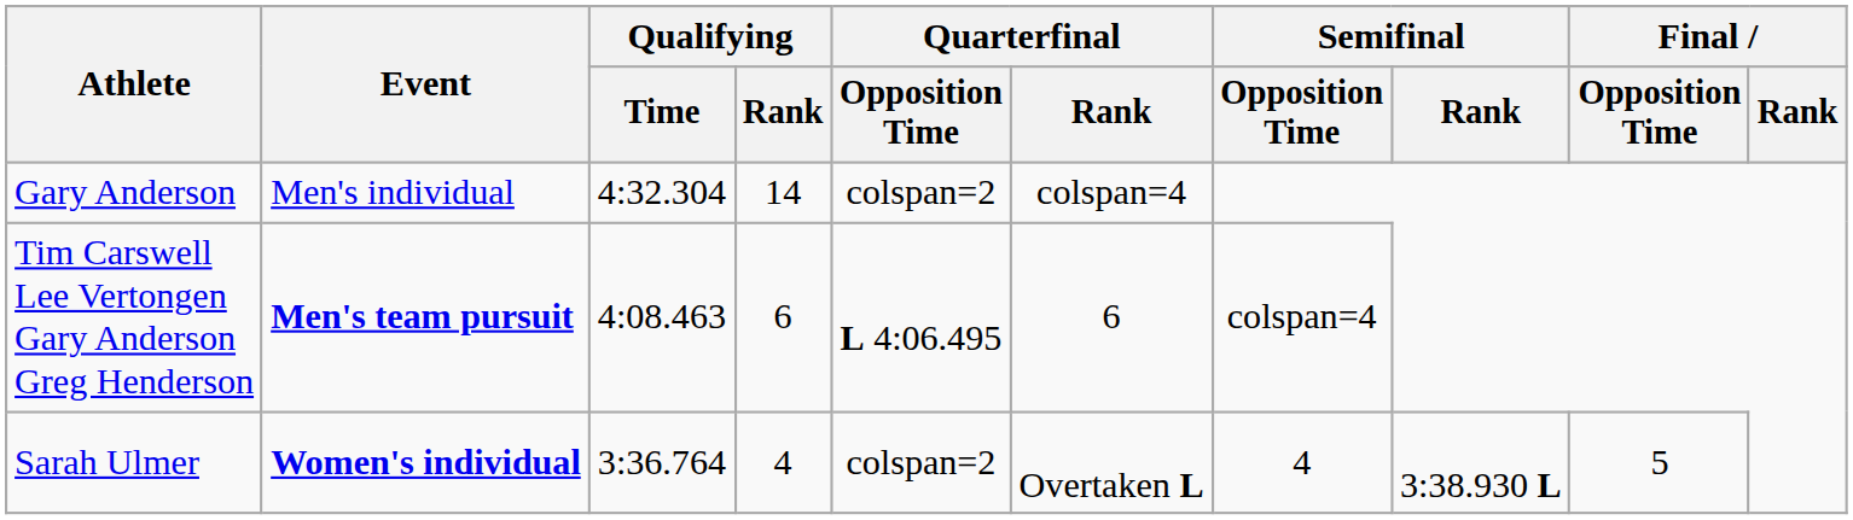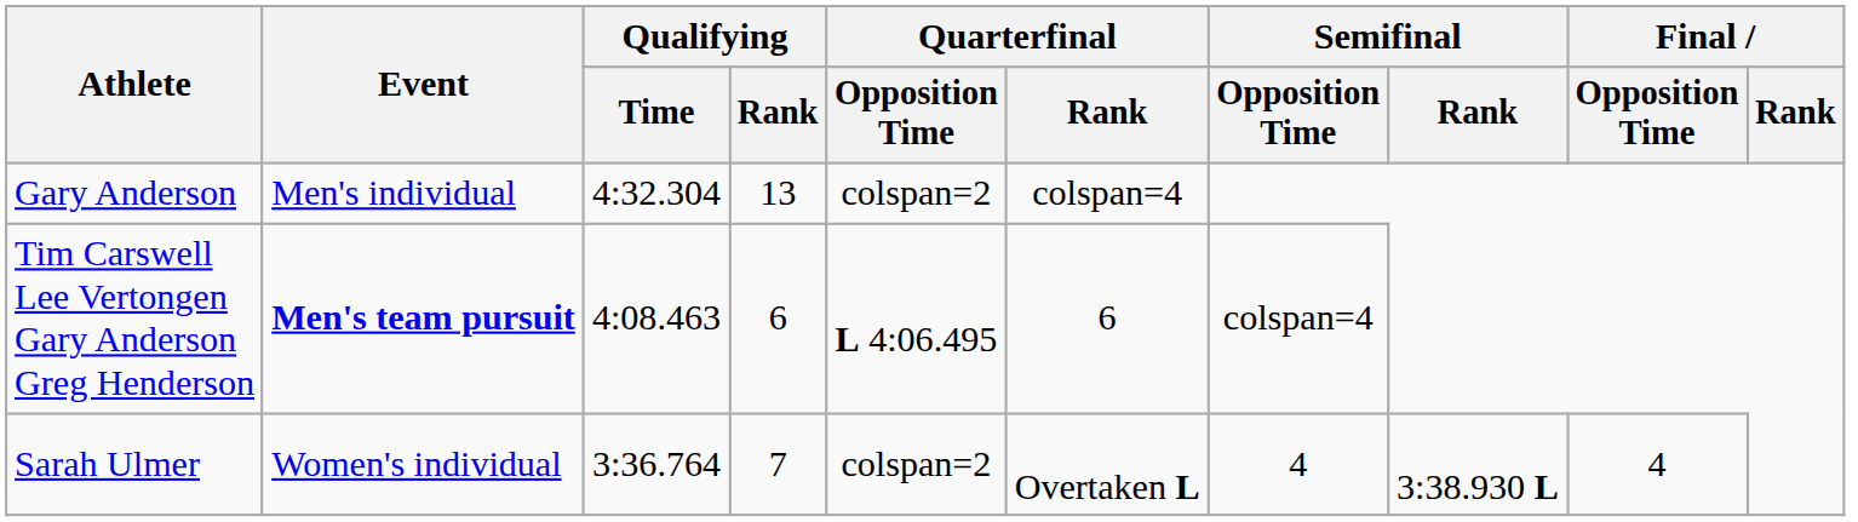 <table class=wikitable style=font-size:90%;text-align:center>
 <tr>
 <th rowspan=2>Athlete</th>
 <th rowspan=2>Event</th>
 <th colspan=2>Qualifying</th>
 <th colspan=2>Quarterfinal</th>
 <th colspan=2>Semifinal</th>
 <th colspan=2>Final / </th>
 </tr>
 <tr style=font-size:95%>
 <th>Time</th>
 <th>Rank</th>
 <th>Opposition<br>Time</th>
 <th>Rank</th>
 <th>Opposition<br>Time</th>
 <th>Rank</th>
 <th>Opposition<br>Time</th>
 <th>Rank</th>
 </tr>
 <tr>
 <td align=left><a href='#'>Gary Anderson</a></td>
 <td align=left><a href='#'>Men's individual</a></td>
 <td>4:32.304</td>
-<td>14</td>
+<td>13</td>
 <td>colspan=2 </td>
 <td>colspan=4 </td>
 </tr>
 <tr>
 <td align=left><a href='#'>Tim Carswell</a><br><a href='#'>Lee Vertongen</a><br><a href='#'>Gary Anderson</a><br><a href='#'>Greg Henderson</a></td>
 <td align=left><strong><a href='#'>Men's team pursuit</a></strong></td>
 <td>4:08.463</td>
 <td>6</td>
 <td align=center><br><strong>L</strong> 4:06.495</td>
 <td>6</td>
 <td>colspan=4 </td>
 </tr>
 <tr>
 <td align=left><a href='#'>Sarah Ulmer</a></td>
-<td align=left><strong><a href='#'>Women's individual</a></strong></td>
+<td align=left><a href='#'>Women's individual</a></td>
 <td>3:36.764</td>
-<td>4</td>
+<td>7</td>
 <td>colspan=2 </td>
 <td><br> Overtaken <strong>L</strong></td>
 <td>4</td>
 <td><br> 3:38.930 <strong>L</strong></td>
-<td>5</td>
+<td>4</td>
 </tr>
 </table>
